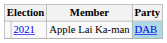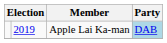 <table class="wikitable">
 <tr>
 <th colspan="2">Election</th>
 <th>Member</th>
 <th>Party</th>
 </tr>
 <tr>
 <td style="color:inherit;background:"></td>
-<td><a href='#'>2021</a></td>
+<td><a href='#'>2019</a></td>
 <td>Apple Lai Ka-man</td>
 <td style="background: lightblue;"><a href='#'>DAB</a></td>
 </tr>
 <tr>
 </tr>
 </table>
